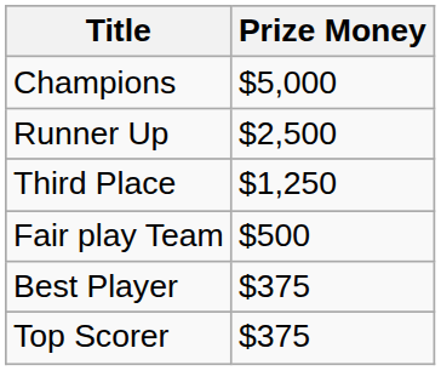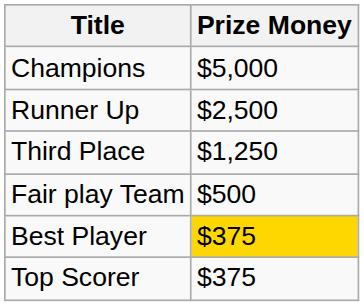 <table class="wikitable sortable">
 <tr>
 <th>Title</th>
 <th>Prize Money</th>
 </tr>
 <tr>
 <td>Champions</td>
 <td>$5,000</td>
 </tr>
 <tr>
 <td>Runner Up</td>
 <td>$2,500</td>
 </tr>
 <tr>
 <td>Third Place</td>
 <td>$1,250</td>
 </tr>
 <tr>
 <td>Fair play Team</td>
 <td>$500</td>
 </tr>
 <tr>
 <td>Best Player</td>
-<td>$375</td>
+<td style="background: gold;">$375</td>
 </tr>
 <tr>
 <td>Top Scorer</td>
 <td>$375</td>
 </tr>
 </table>
